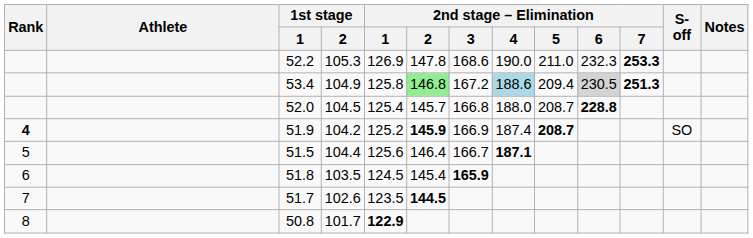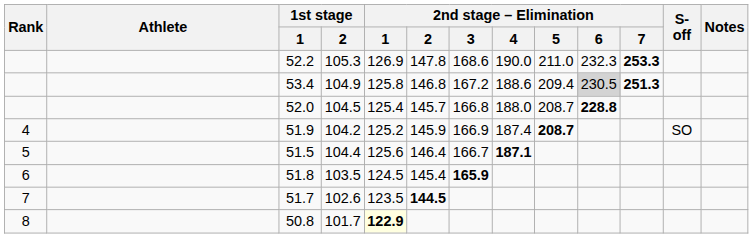 <table class="wikitable" style="text-align:center">
 <tr>
 <th rowspan=2 width=40>Rank</th>
 <th rowspan=2 width=250>Athlete</th>
 <th colspan=2>1st stage</th>
 <th colspan=7>2nd stage – Elimination</th>
 <th rowspan=2 width=35>S-off</th>
 <th rowspan=2 width=45>Notes</th>
 </tr>
 <tr>
 <th width=40>1</th>
 <th width=40>2</th>
 <th width=40>1</th>
 <th width=40>2</th>
 <th width=40>3</th>
 <th width=40>4</th>
 <th width=40>5</th>
 <th width=40>6</th>
 <th width=40>7</th>
 </tr>
 <tr>
 <td></td>
 <td align=left></td>
 <td>52.2</td>
 <td>105.3</td>
 <td>126.9</td>
 <td>147.8</td>
 <td>168.6</td>
 <td>190.0</td>
 <td>211.0</td>
 <td>232.3</td>
 <td><strong>253.3</strong></td>
 <td></td>
 <td></td>
 </tr>
 <tr>
 <td></td>
 <td align=left></td>
 <td>53.4</td>
 <td>104.9</td>
 <td>125.8</td>
-<td style="background: lightgreen;">146.8</td>
+<td>146.8</td>
 <td>167.2</td>
-<td style="background: lightblue;">188.6</td>
+<td>188.6</td>
 <td>209.4</td>
 <td style="background: lightgrey;">230.5</td>
 <td><strong>251.3</strong></td>
 <td></td>
 <td></td>
 </tr>
 <tr>
 <td></td>
 <td align=left></td>
 <td>52.0</td>
 <td>104.5</td>
 <td>125.4</td>
 <td>145.7</td>
 <td>166.8</td>
 <td>188.0</td>
 <td>208.7</td>
 <td><strong>228.8</strong></td>
 <td></td>
 <td></td>
 <td></td>
 </tr>
 <tr>
-<td><strong>4</strong></td>
+<td>4</td>
 <td align=left></td>
 <td>51.9</td>
 <td>104.2</td>
 <td>125.2</td>
-<td><strong>145.9</strong></td>
+<td>145.9</td>
 <td>166.9</td>
 <td>187.4</td>
 <td><strong>208.7</strong></td>
 <td></td>
 <td></td>
 <td>SO</td>
 <td></td>
 </tr>
 <tr>
 <td>5</td>
 <td align=left></td>
 <td>51.5</td>
 <td>104.4</td>
 <td>125.6</td>
 <td>146.4</td>
 <td>166.7</td>
 <td><strong>187.1</strong></td>
 <td></td>
 <td></td>
 <td></td>
 <td></td>
 <td></td>
 </tr>
 <tr>
 <td>6</td>
 <td align=left></td>
 <td>51.8</td>
 <td>103.5</td>
 <td>124.5</td>
 <td>145.4</td>
 <td><strong>165.9</strong></td>
 <td></td>
 <td></td>
 <td></td>
 <td></td>
 <td></td>
 <td></td>
 </tr>
 <tr>
 <td>7</td>
 <td align=left></td>
 <td>51.7</td>
 <td>102.6</td>
 <td>123.5</td>
 <td><strong>144.5</strong></td>
 <td></td>
 <td></td>
 <td></td>
 <td></td>
 <td></td>
 <td></td>
 <td></td>
 </tr>
 <tr>
 <td>8</td>
 <td align=left></td>
 <td>50.8</td>
 <td>101.7</td>
-<td><strong>122.9</strong></td>
+<td style="background: lightyellow;"><strong>122.9</strong></td>
 <td></td>
 <td></td>
 <td></td>
 <td></td>
 <td></td>
 <td></td>
 <td></td>
 <td></td>
 </tr>
 </table>
